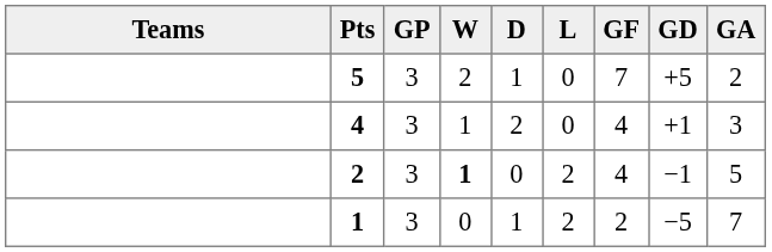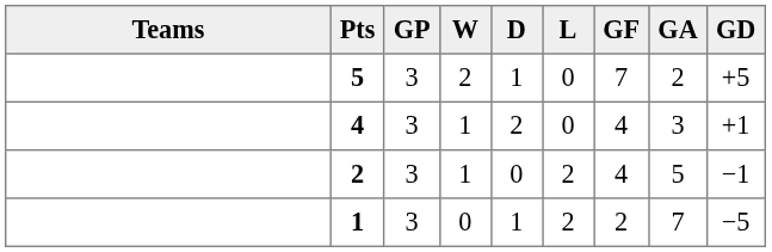 <table style=border-collapse:collapse border=1 cellspacing=0 cellpadding=5>
 <tr align=center bgcolor=#efefef>
 <th width=185>Teams</th>
 <th width=20>Pts</th>
 <th width=20>GP</th>
 <th width=20>W</th>
 <th width=20>D</th>
 <th width=20>L</th>
 <th width=20>GF</th>
+<th width=20>GA</th>
 <th width=20>GD</th>
-<th width=20>GA</th>
 </tr>
 <tr align=center>
 <td style="text-align:left;"></td>
 <td><strong>5</strong></td>
 <td>3</td>
 <td>2</td>
 <td>1</td>
 <td>0</td>
 <td>7</td>
+<td>2</td>
 <td>+5</td>
-<td>2</td>
 </tr>
 <tr align=center>
 <td style="text-align:left;"></td>
 <td><strong>4</strong></td>
 <td>3</td>
 <td>1</td>
 <td>2</td>
 <td>0</td>
 <td>4</td>
+<td>3</td>
 <td>+1</td>
-<td>3</td>
 </tr>
 <tr align=center>
 <td style="text-align:left;"></td>
 <td><strong>2</strong></td>
 <td>3</td>
-<td><strong>1</strong></td>
+<td>1</td>
 <td>0</td>
 <td>2</td>
 <td>4</td>
+<td>5</td>
 <td>−1</td>
-<td>5</td>
 </tr>
 <tr align=center>
 <td style="text-align:left;"></td>
 <td><strong>1</strong></td>
 <td>3</td>
 <td>0</td>
 <td>1</td>
 <td>2</td>
 <td>2</td>
+<td>7</td>
 <td>−5</td>
-<td>7</td>
 </tr>
 </table>
